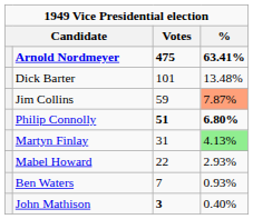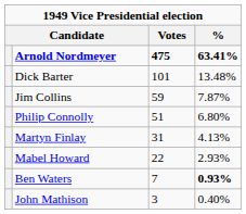 <table class="wikitable" style="font-size: 95%;">
 <tr>
 <td colspan=4 style="text-align:center;"><strong>1949 Vice Presidential election</strong></td>
 </tr>
 <tr style="background-color:#E9E9E9">
 <th colspan="2" style="width: 170px">Candidate</th>
 <th style="width: 50px">Votes</th>
 <th style="width: 40px">%</th>
 </tr>
 <tr>
 <th style="background-color: "></th>
 <td><strong><a href='#'>Arnold Nordmeyer</a></strong></td>
 <td><strong>475</strong></td>
 <td><strong>63.41%</strong></td>
 </tr>
 <tr>
 <th style="background-color: "></th>
 <td>Dick Barter</td>
 <td>101</td>
 <td>13.48%</td>
 </tr>
 <tr>
 <th style="background-color: "></th>
 <td>Jim Collins</td>
 <td>59</td>
-<td style="background: lightsalmon;">7.87%</td>
+<td>7.87%</td>
 </tr>
 <tr>
 <th style="background-color: "></th>
 <td><a href='#'>Philip Connolly</a></td>
-<td><strong>51</strong></td>
-<td><strong>6.80%</strong></td>
+<td>51</td>
+<td>6.80%</td>
 </tr>
 <tr>
 <th style="background-color: "></th>
 <td><a href='#'>Martyn Finlay</a></td>
 <td>31</td>
-<td style="background: lightgreen;">4.13%</td>
+<td>4.13%</td>
 </tr>
 <tr>
 <th style="background-color: "></th>
 <td><a href='#'>Mabel Howard</a></td>
 <td>22</td>
 <td>2.93%</td>
 </tr>
 <tr>
 <th style="background-color: "></th>
 <td><a href='#'>Ben Waters</a></td>
 <td>7</td>
-<td>0.93%</td>
+<td><strong>0.93%</strong></td>
 </tr>
 <tr>
 <th style="background-color: "></th>
 <td><a href='#'>John Mathison</a></td>
-<td><strong>3</strong></td>
+<td>3</td>
 <td>0.40%</td>
 </tr>
 </table>
